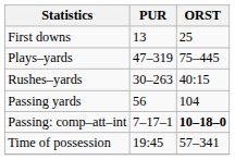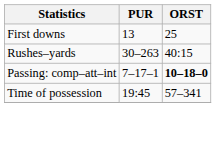 <table class="wikitable" style="float: left;">
 <tr>
 <th>Statistics</th>
 <th>PUR</th>
 <th>ORST</th>
 </tr>
 <tr>
 <td>First downs</td>
 <td>13</td>
 <td>25</td>
 </tr>
 <tr>
-<td>Plays–yards</td>
-<td>47–319</td>
-<td>75–445</td>
-</tr>
-<tr>
 <td>Rushes–yards</td>
 <td>30–263</td>
 <td>40:15</td>
-</tr>
-<tr>
-<td>Passing yards</td>
-<td>56</td>
-<td>104</td>
 </tr>
 <tr>
 <td>Passing: comp–att–int</td>
 <td>7–17–1</td>
 <td><strong>10–18–0</strong></td>
 </tr>
 <tr>
 <td>Time of possession</td>
 <td>19:45</td>
 <td>57–341</td>
 </tr>
 <tr>
 </tr>
 </table>
